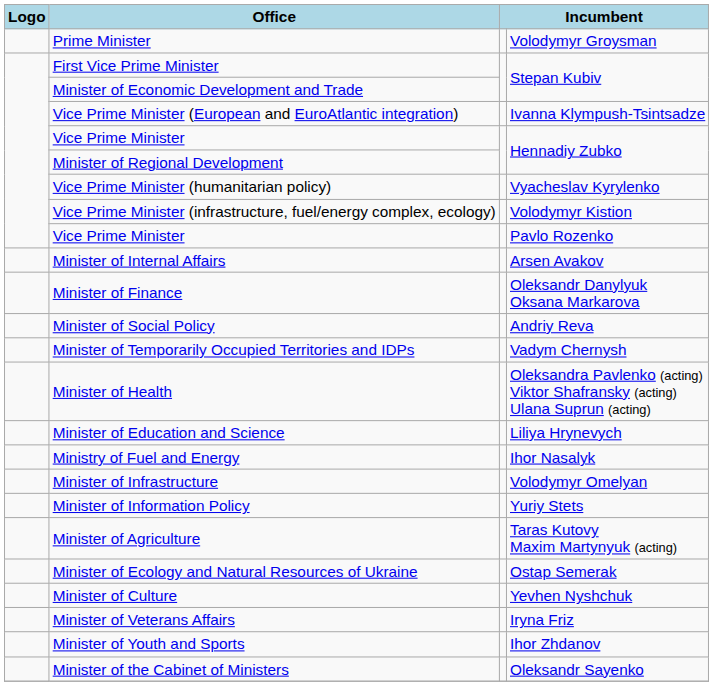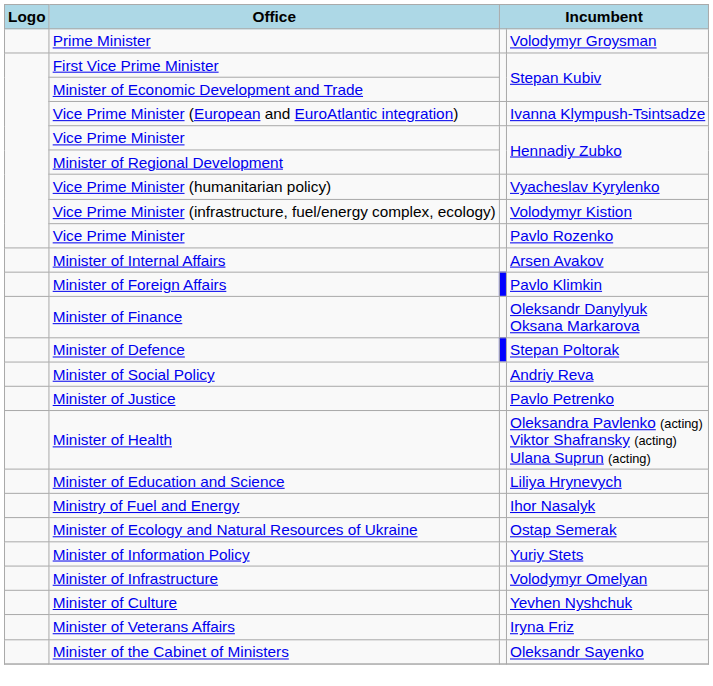 <table class="wikitable" style="font-size: 95%;">
 <tr>
 <th colspan=1 style="background-color:#ADD8E6">Logo</th>
 <th colspan=1 style="background-color:#ADD8E6">Office</th>
 <th colspan=2 style="background-color:#ADD8E6">Incumbent</th>
 </tr>
 <tr>
 <td></td>
 <td><a href='#'>Prime Minister</a></td>
 <td style="background:"></td>
 <td><a href='#'>Volodymyr Groysman</a></td>
 </tr>
 <tr>
 <td rowspan=8></td>
 <td><a href='#'>First Vice Prime Minister</a></td>
 <td rowspan=2; style="background:"></td>
 <td rowspan=2><a href='#'>Stepan Kubiv</a></td>
 </tr>
 <tr>
 <td><a href='#'>Minister of Economic Development and Trade</a></td>
 </tr>
 <tr>
 <td><a href='#'>Vice Prime Minister</a> (<a href='#'>European</a> and <a href='#'>EuroAtlantic integration</a>)</td>
 <td style="background:"></td>
 <td><a href='#'>Ivanna Klympush-Tsintsadze</a></td>
 </tr>
 <tr>
 <td><a href='#'>Vice Prime Minister</a></td>
 <td rowspan=2; style="background:"></td>
 <td rowspan=2><a href='#'>Hennadiy Zubko</a></td>
 </tr>
 <tr>
 <td><a href='#'>Minister of Regional Development</a></td>
 </tr>
 <tr>
 <td><a href='#'>Vice Prime Minister</a> (humanitarian policy)</td>
 <td style="background:"></td>
 <td><a href='#'>Vyacheslav Kyrylenko</a></td>
 </tr>
 <tr>
 <td><a href='#'>Vice Prime Minister</a> (infrastructure, fuel/energy complex, ecology)</td>
 <td style="background:"></td>
 <td><a href='#'>Volodymyr Kistion</a></td>
 </tr>
 <tr>
 <td><a href='#'>Vice Prime Minister</a></td>
 <td style="background:"></td>
 <td><a href='#'>Pavlo Rozenko</a></td>
 </tr>
 <tr>
 <td></td>
 <td><a href='#'>Minister of Internal Affairs</a></td>
 <td style="background:"></td>
 <td><a href='#'>Arsen Avakov</a></td>
 </tr>
 <tr>
 <td></td>
+<td><a href='#'>Minister of Foreign Affairs</a></td>
+<td style="background:blue"></td>
+<td><a href='#'>Pavlo Klimkin</a></td>
+</tr>
+<tr>
+<td></td>
 <td><a href='#'>Minister of Finance</a></td>
 <td style="background:"></td>
 <td><a href='#'>Oleksandr Danylyuk</a><br><a href='#'>Oksana Markarova</a></td>
+</tr>
+<tr>
+<td></td>
+<td><a href='#'>Minister of Defence</a></td>
+<td style="background:blue"></td>
+<td><a href='#'>Stepan Poltorak</a></td>
 </tr>
 <tr>
 <td></td>
 <td><a href='#'>Minister of Social Policy</a></td>
 <td style="background:"></td>
 <td><a href='#'>Andriy Reva</a></td>
 </tr>
 <tr>
 <td></td>
-<td><a href='#'>Minister of Temporarily Occupied Territories and IDPs</a></td>
+<td><a href='#'>Minister of Justice</a></td>
 <td style="background:"></td>
-<td><a href='#'>Vadym Chernysh</a></td>
+<td><a href='#'>Pavlo Petrenko</a></td>
 </tr>
 <tr>
 <td></td>
 <td><a href='#'>Minister of Health</a></td>
 <td style=></td>
 <td><a href='#'>Oleksandra Pavlenko</a> <small>(acting)</small><br><a href='#'>Viktor Shafransky</a> <small>(acting)</small><br><a href='#'>Ulana Suprun</a> <small>(acting)</small></td>
 </tr>
 <tr>
 <td></td>
 <td><a href='#'>Minister of Education and Science</a></td>
 <td style="background:"></td>
 <td><a href='#'>Liliya Hrynevych</a></td>
 </tr>
 <tr>
 <td></td>
 <td><a href='#'>Ministry of Fuel and Energy</a></td>
 <td style="background:"></td>
 <td><a href='#'>Ihor Nasalyk</a></td>
 </tr>
 <tr>
 <td></td>
-<td><a href='#'>Minister of Infrastructure</a></td>
+<td><a href='#'>Minister of Ecology and Natural Resources of Ukraine</a></td>
 <td style="background:"></td>
-<td><a href='#'>Volodymyr Omelyan</a></td>
+<td><a href='#'>Ostap Semerak</a></td>
 </tr>
 <tr>
 <td></td>
 <td><a href='#'>Minister of Information Policy</a></td>
 <td style="background:"></td>
 <td><a href='#'>Yuriy Stets</a></td>
 </tr>
 <tr>
 <td></td>
-<td><a href='#'>Minister of Agriculture</a></td>
+<td><a href='#'>Minister of Infrastructure</a></td>
 <td style="background:"></td>
-<td><a href='#'>Taras Kutovy</a><br><a href='#'>Maxim Martynyuk</a> <small>(acting)</small></td>
-</tr>
-<tr>
-<td></td>
-<td><a href='#'>Minister of Ecology and Natural Resources of Ukraine</a></td>
-<td style="background:"></td>
-<td><a href='#'>Ostap Semerak</a></td>
+<td><a href='#'>Volodymyr Omelyan</a></td>
 </tr>
 <tr>
 <td></td>
 <td><a href='#'>Minister of Culture</a></td>
 <td style="background:"></td>
 <td><a href='#'>Yevhen Nyshchuk</a></td>
 </tr>
 <tr>
 <td></td>
 <td><a href='#'>Minister of Veterans Affairs</a></td>
 <td style="background:"></td>
 <td><a href='#'>Iryna Friz</a></td>
 </tr>
 <tr>
 <td></td>
-<td><a href='#'>Minister of Youth and Sports</a></td>
-<td style="background:"></td>
-<td><a href='#'>Ihor Zhdanov</a></td>
-</tr>
-<tr>
-<td></td>
 <td><a href='#'>Minister of the Cabinet of Ministers</a></td>
 <td style="background:"></td>
 <td><a href='#'>Oleksandr Sayenko</a></td>
 </tr>
 <tr>
 </tr>
 </table>
